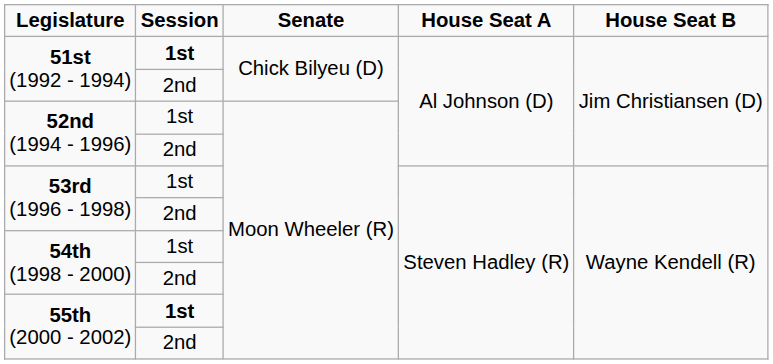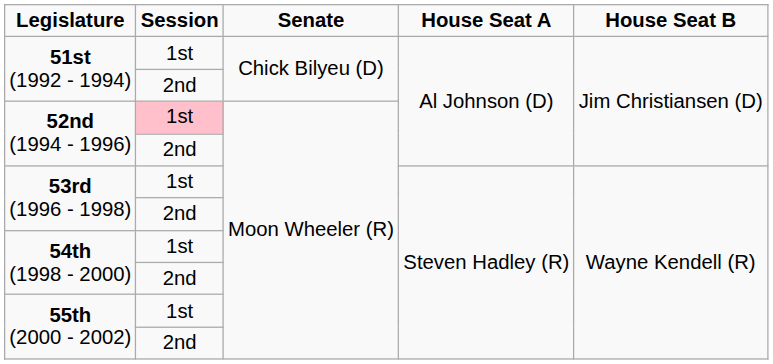 <table class=wikitable style="text-align:center">
 <tr>
 <td><strong>Legislature</strong></td>
 <td><strong>Session</strong></td>
 <td><strong>Senate</strong></td>
 <td><strong>House Seat A</strong></td>
 <td><strong>House Seat B</strong></td>
 </tr>
 <tr>
 <td rowspan="2" colspan="1" style="text-align: center;"><strong>51st</strong> <br> (1992 - 1994)</td>
-<td><strong>1st</strong></td>
+<td>1st</td>
 <td rowspan="2" colspan="1" style="text-align: center;" >Chick Bilyeu (D)</td>
 <td rowspan="4" colspan="1" style="text-align: center;" >Al Johnson (D)</td>
 <td rowspan="4" colspan="1" style="text-align: center;" >Jim Christiansen (D)</td>
 </tr>
 <tr>
 <td>2nd</td>
 </tr>
 <tr>
 <td rowspan="2" colspan="1" style="text-align: center;"><strong>52nd</strong> <br> (1994 - 1996)</td>
-<td>1st</td>
+<td style="background: pink;">1st</td>
 <td rowspan="8" colspan="1" style="text-align: center;" >Moon Wheeler (R)</td>
 </tr>
 <tr>
 <td>2nd</td>
 </tr>
 <tr>
 <td rowspan="2" colspan="1" style="text-align: center;"><strong>53rd</strong> <br> (1996 - 1998)</td>
 <td>1st</td>
 <td rowspan="6" colspan="1" style="text-align: center;" >Steven Hadley (R)</td>
 <td rowspan="6" colspan="1" style="text-align: center;" >Wayne Kendell (R)</td>
 </tr>
 <tr>
 <td>2nd</td>
 </tr>
 <tr>
 <td rowspan="2" colspan="1" style="text-align: center;"><strong>54th</strong> <br> (1998 - 2000)</td>
 <td>1st</td>
 </tr>
 <tr>
 <td>2nd</td>
 </tr>
 <tr>
 <td rowspan="2" colspan="1" style="text-align: center;"><strong>55th</strong> <br> (2000 - 2002)</td>
-<td><strong>1st</strong></td>
+<td>1st</td>
 </tr>
 <tr>
 <td>2nd</td>
 </tr>
 </table>
